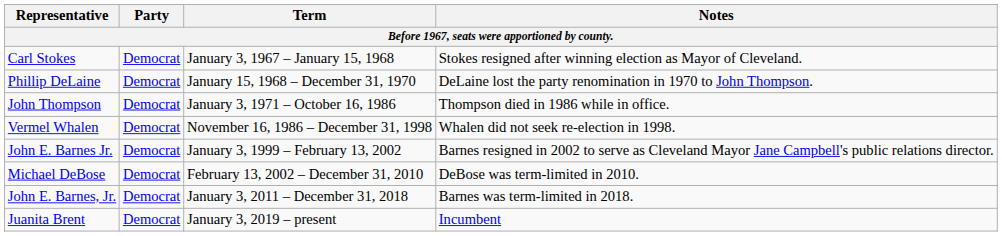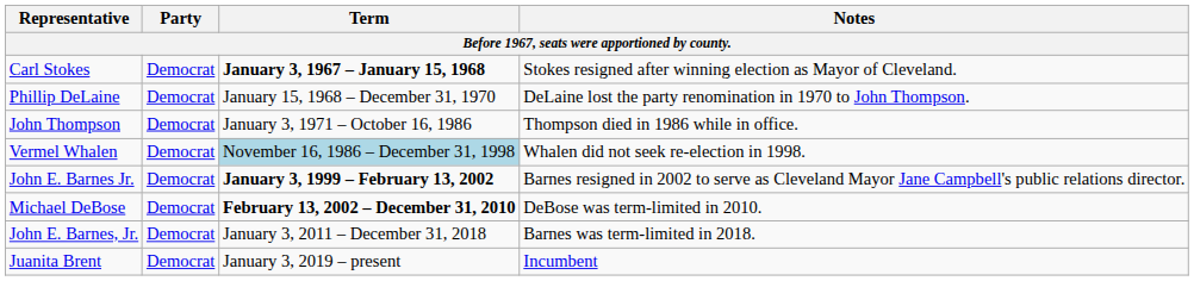 <table class=wikitable>
 <tr valign=bottom>
 <th>Representative</th>
 <th>Party</th>
 <th>Term</th>
 <th>Notes</th>
 </tr>
 <tr>
 <th colspan=5 style="font-size: 80%;"><em>Before 1967, seats were apportioned by county.</em></th>
 </tr>
 <tr>
 <td><a href='#'>Carl Stokes</a></td>
 <td><a href='#'>Democrat</a></td>
-<td>January 3, 1967 – January 15, 1968</td>
+<td><strong>January 3, 1967 – January 15, 1968</strong></td>
 <td>Stokes resigned after winning election as Mayor of Cleveland.</td>
 </tr>
 <tr>
 <td><a href='#'>Phillip DeLaine</a></td>
 <td><a href='#'>Democrat</a></td>
 <td>January 15, 1968 – December 31, 1970</td>
 <td>DeLaine lost the party renomination in 1970 to <a href='#'>John Thompson</a>.</td>
 </tr>
 <tr>
 <td><a href='#'>John Thompson</a></td>
 <td><a href='#'>Democrat</a></td>
 <td>January 3, 1971 – October 16, 1986</td>
 <td>Thompson died in 1986 while in office.</td>
 </tr>
 <tr>
 <td><a href='#'>Vermel Whalen</a></td>
 <td><a href='#'>Democrat</a></td>
-<td>November 16, 1986 – December 31, 1998</td>
+<td style="background: lightblue;">November 16, 1986 – December 31, 1998</td>
 <td>Whalen did not seek re-election in 1998.</td>
 </tr>
 <tr>
 <td><a href='#'>John E. Barnes Jr.</a></td>
 <td><a href='#'>Democrat</a></td>
-<td>January 3, 1999 – February 13, 2002</td>
+<td><strong>January 3, 1999 – February 13, 2002</strong></td>
 <td>Barnes resigned in 2002 to serve as Cleveland Mayor <a href='#'>Jane Campbell</a>'s public relations director.</td>
 </tr>
 <tr>
 <td><a href='#'>Michael DeBose</a></td>
 <td><a href='#'>Democrat</a></td>
-<td>February 13, 2002 – December 31, 2010</td>
+<td><strong>February 13, 2002 – December 31, 2010</strong></td>
 <td>DeBose was term-limited in 2010.</td>
 </tr>
 <tr>
 <td><a href='#'>John E. Barnes, Jr.</a></td>
 <td><a href='#'>Democrat</a></td>
 <td>January 3, 2011 – December 31, 2018</td>
 <td>Barnes was term-limited in 2018.</td>
 </tr>
 <tr>
 <td><a href='#'>Juanita Brent</a></td>
 <td><a href='#'>Democrat</a></td>
 <td>January 3, 2019 – present</td>
 <td><a href='#'>Incumbent</a></td>
 </tr>
 </table>
